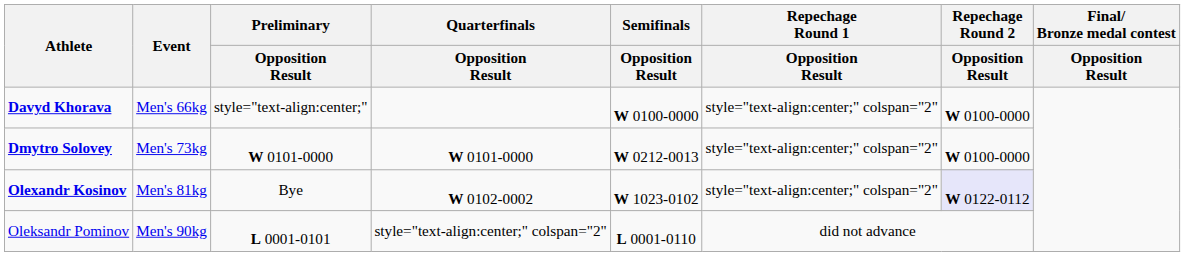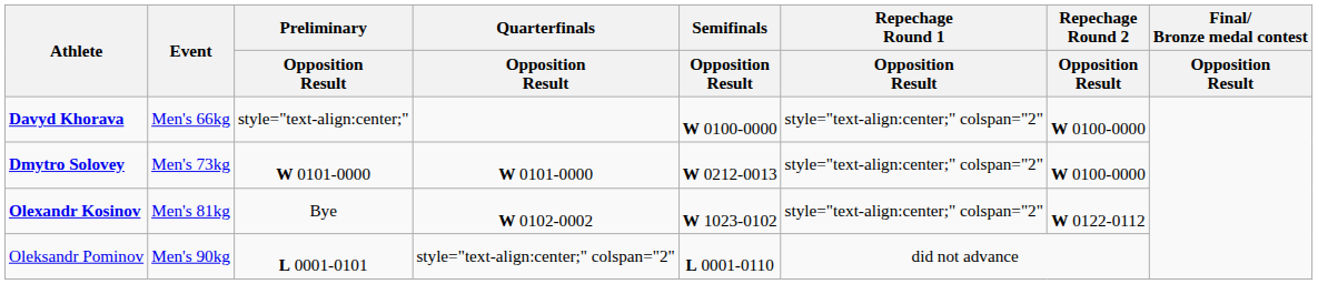 <table class= wikitable>
 <tr>
 <th rowspan="2">Athlete</th>
 <th rowspan="2">Event</th>
 <th>Preliminary</th>
 <th>Quarterfinals</th>
 <th>Semifinals</th>
 <th>Repechage<br> Round 1</th>
 <th>Repechage<br> Round 2</th>
 <th>Final/<br>Bronze medal contest</th>
 </tr>
 <tr>
 <th>Opposition<br>Result</th>
 <th>Opposition<br>Result</th>
 <th>Opposition<br>Result</th>
 <th>Opposition<br>Result</th>
 <th>Opposition<br>Result</th>
 <th>Opposition<br>Result</th>
 </tr>
 <tr>
 <td><strong><a href='#'>Davyd Khorava</a></strong></td>
 <td style="text-align:center;"><a href='#'>Men's 66kg</a></td>
 <td>style="text-align:center;" </td>
 <td style="text-align:center;"><br> <strong></strong></td>
 <td style="text-align:center;"><br> <strong>W</strong> 0100-0000</td>
 <td>style="text-align:center;" colspan="2" </td>
 <td style="text-align:center;"><br> <strong>W</strong> 0100-0000 </td>
 </tr>
 <tr>
 <td><strong><a href='#'>Dmytro Solovey</a></strong></td>
 <td style="text-align:center;"><a href='#'>Men's 73kg</a></td>
 <td style="text-align:center;"><br> <strong>W</strong> 0101-0000</td>
 <td style="text-align:center;"><br> <strong>W</strong> 0101-0000</td>
 <td style="text-align:center;"><br> <strong>W</strong> 0212-0013</td>
 <td>style="text-align:center;" colspan="2" </td>
 <td style="text-align:center;"><br> <strong>W</strong> 0100-0000 </td>
 </tr>
 <tr>
 <td><strong><a href='#'>Olexandr Kosinov</a></strong></td>
 <td style="text-align:center;"><a href='#'>Men's 81kg</a></td>
 <td style="text-align:center;">Bye</td>
 <td style="text-align:center;"><br> <strong>W</strong> 0102-0002</td>
 <td style="text-align:center;"><br> <strong>W</strong> 1023-0102</td>
 <td>style="text-align:center;" colspan="2" </td>
-<td style="background: lavender; text-align:center;"><br> <strong>W</strong> 0122-0112 </td>
+<td style="text-align:center;"><br> <strong>W</strong> 0122-0112 </td>
 </tr>
 <tr>
 <td><a href='#'>Oleksandr Pominov</a></td>
 <td style="text-align:center;"><a href='#'>Men's 90kg</a></td>
 <td style="text-align:center;"><br> <strong>L</strong> 0001-0101</td>
 <td>style="text-align:center;" colspan="2" </td>
 <td style="text-align:center;"><br> <strong>L</strong> 0001-0110</td>
 <td style="text-align:center;" colspan="2">did not advance</td>
 </tr>
 </table>
